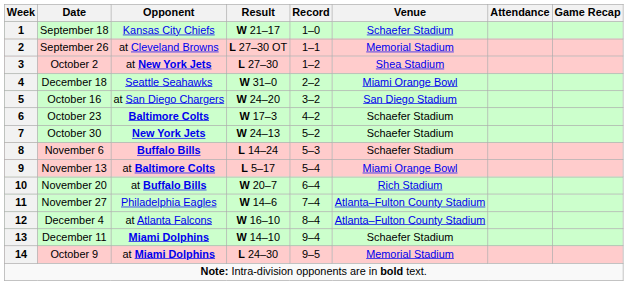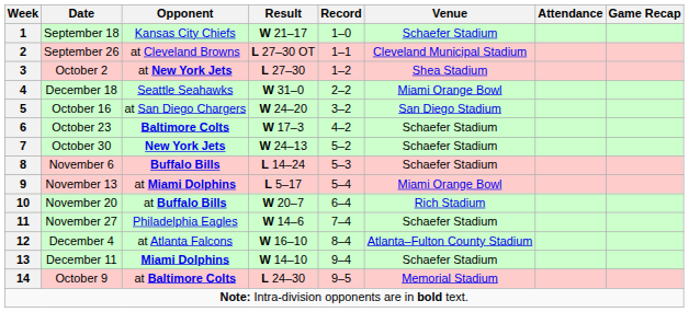 <table class="wikitable" style="text-align:center">
 <tr>
 <th>Week</th>
 <th>Date</th>
 <th>Opponent</th>
 <th>Result</th>
 <th>Record</th>
 <th>Venue</th>
 <th>Attendance</th>
 <th>Game Recap</th>
 </tr>
 <tr style="background:#cfc">
 <th>1</th>
 <td>September 18</td>
 <td><a href='#'>Kansas City Chiefs</a></td>
 <td><strong>W</strong> 21–17</td>
 <td>1–0</td>
 <td><a href='#'>Schaefer Stadium</a></td>
 <td></td>
 <td></td>
 </tr>
 <tr style="background:#fcc">
 <th>2</th>
 <td>September 26</td>
 <td>at <a href='#'>Cleveland Browns</a></td>
 <td><strong>L</strong> 27–30 OT</td>
 <td>1–1</td>
-<td><a href='#'>Memorial Stadium</a></td>
+<td><a href='#'>Cleveland Municipal Stadium</a></td>
 <td></td>
 <td></td>
 </tr>
 <tr style="background:#fcc">
 <th>3</th>
 <td>October 2</td>
 <td>at <strong><a href='#'>New York Jets</a></strong></td>
 <td><strong>L</strong> 27–30</td>
 <td>1–2</td>
 <td><a href='#'>Shea Stadium</a></td>
 <td></td>
 <td></td>
 </tr>
 <tr style="background:#cfc">
 <th>4</th>
 <td>December 18</td>
 <td><a href='#'>Seattle Seahawks</a></td>
 <td><strong>W</strong> 31–0</td>
 <td>2–2</td>
 <td><a href='#'>Miami Orange Bowl</a></td>
 <td></td>
 <td></td>
 </tr>
 <tr style="background:#cfc">
 <th>5</th>
 <td>October 16</td>
 <td>at <a href='#'>San Diego Chargers</a></td>
 <td><strong>W</strong> 24–20</td>
 <td>3–2</td>
 <td><a href='#'>San Diego Stadium</a></td>
 <td></td>
 <td></td>
 </tr>
 <tr style="background:#cfc">
 <th>6</th>
 <td>October 23</td>
 <td><strong><a href='#'>Baltimore Colts</a></strong></td>
 <td><strong>W</strong> 17–3</td>
 <td>4–2</td>
 <td>Schaefer Stadium</td>
 <td></td>
 <td></td>
 </tr>
 <tr style="background:#cfc">
 <th>7</th>
 <td>October 30</td>
 <td><strong><a href='#'>New York Jets</a></strong></td>
 <td><strong>W</strong> 24–13</td>
 <td>5–2</td>
 <td>Schaefer Stadium</td>
 <td></td>
 <td></td>
 </tr>
 <tr style="background:#fcc">
 <th>8</th>
 <td>November 6</td>
 <td><strong><a href='#'>Buffalo Bills</a></strong></td>
 <td><strong>L</strong> 14–24</td>
 <td>5–3</td>
 <td>Schaefer Stadium</td>
 <td></td>
 <td></td>
 </tr>
 <tr style="background:#fcc">
 <th>9</th>
 <td>November 13</td>
-<td>at <strong><a href='#'>Baltimore Colts</a></strong></td>
+<td>at <strong><a href='#'>Miami Dolphins</a></strong></td>
 <td><strong>L</strong> 5–17</td>
 <td>5–4</td>
 <td><a href='#'>Miami Orange Bowl</a></td>
 <td></td>
 <td></td>
 </tr>
 <tr style="background:#cfc">
 <th>10</th>
 <td>November 20</td>
 <td>at <strong><a href='#'>Buffalo Bills</a></strong></td>
 <td><strong>W</strong> 20–7</td>
 <td>6–4</td>
 <td><a href='#'>Rich Stadium</a></td>
 <td></td>
 <td></td>
 </tr>
 <tr style="background:#cfc">
 <th>11</th>
 <td>November 27</td>
 <td><a href='#'>Philadelphia Eagles</a></td>
 <td><strong>W</strong> 14–6</td>
 <td>7–4</td>
-<td><a href='#'>Atlanta–Fulton County Stadium</a></td>
+<td>Schaefer Stadium</td>
 <td></td>
 <td></td>
 </tr>
 <tr style="background:#cfc">
 <th><strong>12</strong></th>
 <td>December 4</td>
 <td>at <a href='#'>Atlanta Falcons</a></td>
 <td><strong>W</strong> 16–10</td>
 <td>8–4</td>
 <td><a href='#'>Atlanta–Fulton County Stadium</a></td>
 <td></td>
 <td></td>
 </tr>
 <tr style="background:#cfc">
 <th><strong>13</strong></th>
 <td>December 11</td>
 <td><strong><a href='#'>Miami Dolphins</a></strong></td>
 <td><strong>W</strong> 14–10</td>
 <td>9–4</td>
 <td>Schaefer Stadium</td>
 <td></td>
 <td></td>
 </tr>
 <tr style="background:#fcc">
 <th><strong>14</strong></th>
 <td>October 9</td>
-<td>at <strong><a href='#'>Miami Dolphins</a></strong></td>
+<td>at <strong><a href='#'>Baltimore Colts</a></strong></td>
 <td><strong>L</strong> 24–30</td>
 <td>9–5</td>
 <td><a href='#'>Memorial Stadium</a></td>
 <td></td>
 <td></td>
 </tr>
 <tr>
 <td colspan="8"><strong>Note:</strong> Intra-division opponents are in <strong>bold</strong> text.</td>
 </tr>
 </table>
